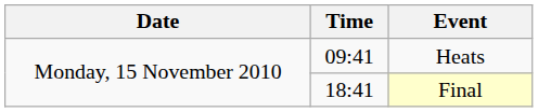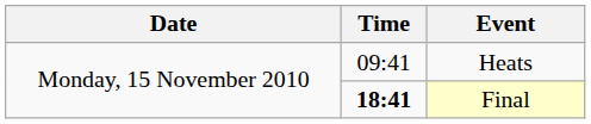 <table class = "wikitable" style="text-align:center;">
 <tr>
 <th width=220>Date</th>
 <th width=50>Time</th>
 <th width=100>Event</th>
 </tr>
 <tr>
 <td rowspan=2>Monday, 15 November 2010</td>
 <td>09:41</td>
 <td>Heats</td>
 </tr>
 <tr>
-<td>18:41</td>
+<td><strong>18:41</strong></td>
 <td bgcolor=ffffcc>Final</td>
 </tr>
 </table>
